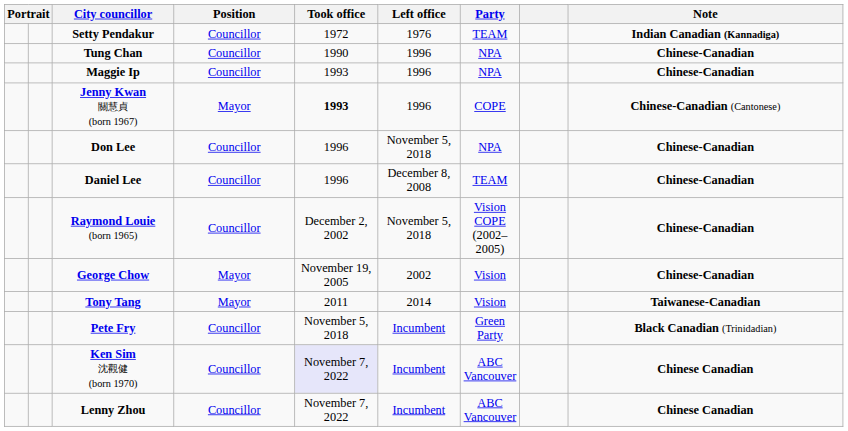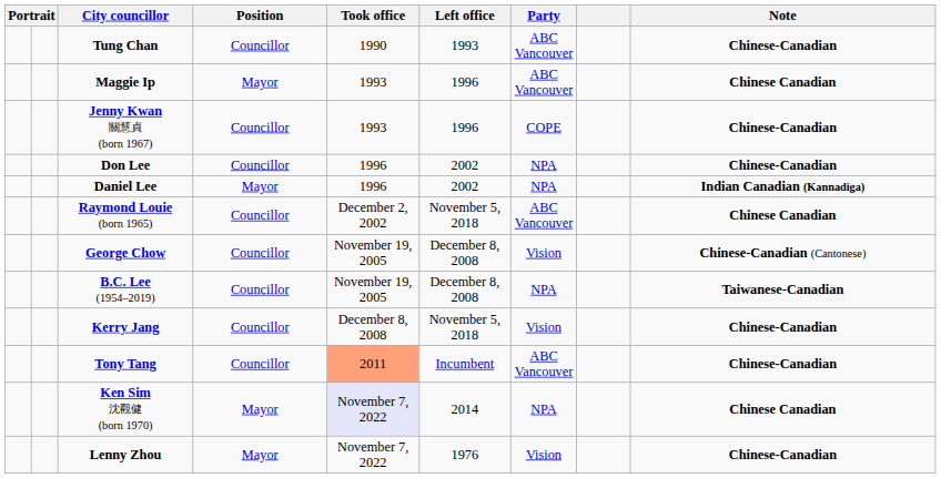 <table class="wikitable sortable plainrowheaders" style="text-align:center;">
 <tr>
 <th colspan="2" class="unsortable">Portrait</th>
 <th colspan="1" class="unsortable" width="150px"><a href='#'>City councillor</a></th>
 <th scope="col" width="150px">Position</th>
 <th scope="col" width="100px">Took office</th>
 <th scope="col" width="100px">Left office</th>
 <th scope="col" width="70px"><a href='#'>Party</a></th>
 <th scope="col" class="unsortable" width="55px"></th>
 <th scope="col" class="unsortable" width="350px">Note</th>
 </tr>
 <tr>
 <td rowspan="1" style="background:"></td>
 <td></td>
-<td><strong>Setty Pendakur</strong></td>
-<td><a href='#'>Councillor</a></td>
-<td>1972</td>
-<td>1976</td>
-<td><a href='#'>TEAM</a></td>
-<td></td>
-<td rowspan="1"><strong>Indian Canadian <small>(Kannadiga)</small></strong></td>
-</tr>
-<tr>
-<td rowspan="1" style="background:"></td>
-<td></td>
 <td><strong>Tung Chan</strong></td>
 <td><a href='#'>Councillor</a></td>
 <td>1990</td>
-<td>1996</td>
-<td><a href='#'>NPA</a></td>
+<td>1993</td>
+<td><a href='#'>ABC Vancouver</a></td>
 <td></td>
 <td rowspan="1"><strong>Chinese-Canadian</strong></td>
 </tr>
 <tr>
 <td rowspan="1" style="background:"></td>
 <td></td>
 <td><strong>Maggie Ip</strong></td>
-<td><a href='#'>Councillor</a></td>
+<td><a href='#'>Mayor</a></td>
 <td>1993</td>
 <td>1996</td>
-<td><a href='#'>NPA</a></td>
+<td><a href='#'>ABC Vancouver</a></td>
 <td></td>
-<td rowspan="1"><strong>Chinese-Canadian</strong></td>
+<td><strong>Chinese Canadian</strong></td>
 </tr>
 <tr>
 <td rowspan="1" style="background:"></td>
 <td rowspan="1"></td>
 <td><strong><a href='#'>Jenny Kwan</a></strong><br><small>關慧貞</small><br><small>(born 1967)</small></td>
-<td><a href='#'>Mayor</a></td>
-<td><strong>1993</strong></td>
+<td><a href='#'>Councillor</a></td>
+<td>1993</td>
 <td>1996</td>
 <td><a href='#'>COPE</a></td>
 <td></td>
-<td rowspan="1"><strong>Chinese-Canadian</strong> <small>(Cantonese)</small></td>
+<td rowspan="1"><strong>Chinese-Canadian</strong></td>
 </tr>
 <tr>
 <td rowspan="1" style="background:"></td>
 <td></td>
 <td><strong>Don Lee</strong></td>
 <td><a href='#'>Councillor</a></td>
 <td>1996</td>
-<td>November 5, 2018</td>
+<td>2002</td>
 <td><a href='#'>NPA</a></td>
 <td></td>
 <td rowspan="1"><strong>Chinese-Canadian</strong></td>
 </tr>
 <tr>
 <td rowspan="1" style="background:"></td>
 <td></td>
 <td><strong>Daniel Lee</strong></td>
-<td><a href='#'>Councillor</a></td>
+<td><a href='#'>Mayor</a></td>
 <td>1996</td>
-<td>December 8, 2008</td>
-<td><a href='#'>TEAM</a></td>
+<td>2002</td>
+<td><a href='#'>NPA</a></td>
 <td></td>
-<td rowspan="1"><strong>Chinese-Canadian</strong></td>
+<td rowspan="1"><strong>Indian Canadian <small>(Kannadiga)</small></strong></td>
 </tr>
 <tr>
 <td rowspan="1" style="background:"></td>
 <td></td>
 <td><strong><a href='#'>Raymond Louie</a></strong><br><small>(born 1965)</small></td>
 <td><a href='#'>Councillor</a></td>
 <td>December 2, 2002</td>
 <td>November 5, 2018</td>
-<td><a href='#'>Vision</a><br><a href='#'>COPE</a> (2002–2005)</td>
+<td><a href='#'>ABC Vancouver</a></td>
 <td></td>
-<td rowspan="1"><strong>Chinese-Canadian</strong></td>
+<td><strong>Chinese Canadian</strong></td>
 </tr>
 <tr>
 <td rowspan="1" style="background:"></td>
 <td rowspan="1"></td>
 <td><strong><a href='#'>George Chow</a></strong></td>
-<td><a href='#'>Mayor</a></td>
+<td><a href='#'>Councillor</a></td>
 <td>November 19, 2005</td>
-<td>2002</td>
+<td>December 8, 2008</td>
+<td><a href='#'>Vision</a></td>
+<td></td>
+<td rowspan="1"><strong>Chinese-Canadian</strong> <small>(Cantonese)</small></td>
+</tr>
+<tr>
+<td rowspan="1" style="background:"></td>
+<td rowspan="1"></td>
+<td><strong><a href='#'>B.C. Lee</a></strong><br><small>(1954–2019)</small></td>
+<td><a href='#'>Councillor</a></td>
+<td>November 19, 2005</td>
+<td>December 8, 2008</td>
+<td><a href='#'>NPA</a></td>
+<td></td>
+<td><strong>Taiwanese-Canadian</strong></td>
+</tr>
+<tr>
+<td rowspan="1" style="background:"></td>
+<td></td>
+<td><strong><a href='#'>Kerry Jang</a></strong></td>
+<td><a href='#'>Councillor</a></td>
+<td>December 8, 2008</td>
+<td>November 5, 2018</td>
 <td><a href='#'>Vision</a></td>
 <td></td>
 <td rowspan="1"><strong>Chinese-Canadian</strong></td>
 </tr>
 <tr>
 <td rowspan="1" style="background:"></td>
 <td></td>
 <td><strong><a href='#'>Tony Tang</a></strong></td>
-<td><a href='#'>Mayor</a></td>
-<td>2011</td>
-<td>2014</td>
-<td><a href='#'>Vision</a></td>
+<td><a href='#'>Councillor</a></td>
+<td style="background: lightsalmon;">2011</td>
+<td rowspan="1"><a href='#'>Incumbent</a></td>
+<td><a href='#'>ABC Vancouver</a></td>
 <td></td>
-<td><strong>Taiwanese-Canadian</strong></td>
-</tr>
-<tr>
-<td rowspan="1" style="background:"></td>
-<td rowspan="1"></td>
-<td><strong><a href='#'>Pete Fry</a></strong></td>
-<td><a href='#'>Councillor</a></td>
-<td>November 5, 2018</td>
-<td rowspan="1"><a href='#'>Incumbent</a></td>
-<td><a href='#'>Green Party</a></td>
-<td></td>
-<td rowspan="1"><strong>Black Canadian</strong> <small>(Trinidadian)</small></td>
+<td rowspan="1"><strong>Chinese-Canadian</strong></td>
 </tr>
 <tr>
 <td rowspan="1" style="background:"></td>
 <td rowspan="1"></td>
 <td><strong><a href='#'>Ken Sim</a></strong><br><small>沈觀健</small><br><small>(born 1970)</small></td>
-<td><a href='#'>Councillor</a></td>
+<td><a href='#'>Mayor</a></td>
 <td style="background: lavender;">November 7, 2022</td>
-<td rowspan="1"><a href='#'>Incumbent</a></td>
-<td><a href='#'>ABC Vancouver</a></td>
+<td>2014</td>
+<td><a href='#'>NPA</a></td>
 <td></td>
 <td><strong>Chinese Canadian</strong></td>
 </tr>
 <tr>
 <td rowspan="1" style="background:"></td>
 <td></td>
 <td><strong>Lenny Zhou</strong></td>
-<td><a href='#'>Councillor</a></td>
+<td><a href='#'>Mayor</a></td>
 <td>November 7, 2022</td>
-<td rowspan="1"><a href='#'>Incumbent</a></td>
-<td><a href='#'>ABC Vancouver</a></td>
+<td>1976</td>
+<td><a href='#'>Vision</a></td>
 <td></td>
-<td><strong>Chinese Canadian</strong></td>
+<td rowspan="1"><strong>Chinese-Canadian</strong></td>
 </tr>
 </table>
